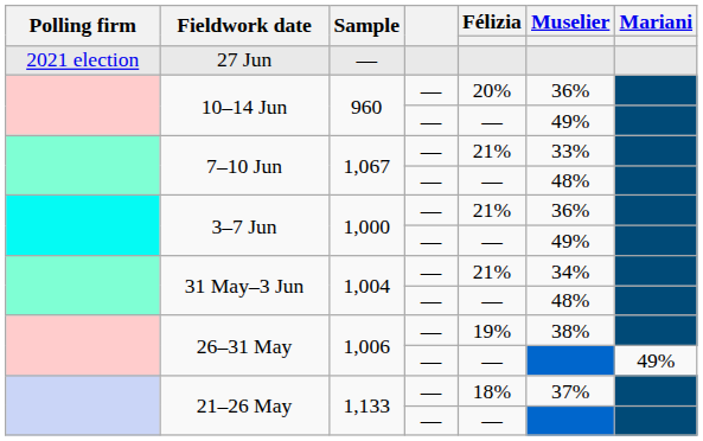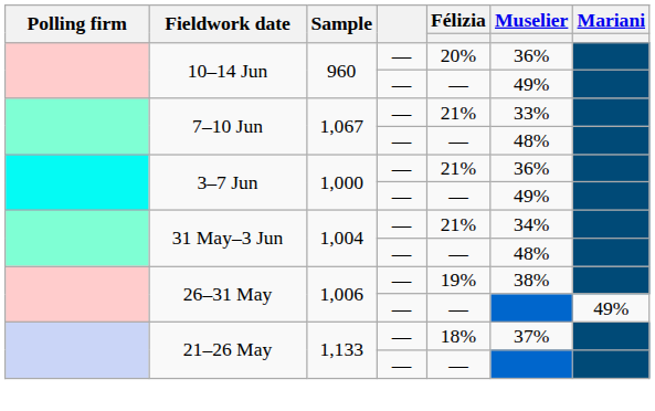 <table class="wikitable" style="text-align:center;font-size:90%;line-height:14px;">
 <tr>
 <th rowspan="2" style="width:100px;">Polling firm</th>
 <th rowspan="2" style="width:110px;">Fieldwork date</th>
 <th rowspan="2" style="width:35px;">Sample</th>
 <th rowspan="2" style="width:30px;"></th>
 <th>Félizia<br></th>
 <th><a href='#'>Muselier</a><br></th>
 <th><a href='#'>Mariani</a><br></th>
 </tr>
 <tr>
 <th style="background:"></th>
 <th style="background:"></th>
 <th style="background:"></th>
-</tr>
-<tr style="background:#E9E9E9;">
-<td><a href='#'>2021 election</a></td>
-<td data-sort-value="2021-06-27">27 Jun</td>
-<td>—</td>
-<td></td>
-<td></td>
-<td></td>
-<td></td>
 </tr>
 <tr>
 <td rowspan=2 style="background:#FFCCCC;"></td>
 <td rowspan=2>10–14 Jun</td>
 <td rowspan=2>960</td>
 <td>—</td>
 <td>20%</td>
 <td>36%</td>
 <td style="background:#004A77;"></td>
 </tr>
 <tr>
 <td>—</td>
 <td>—</td>
 <td>49%</td>
 <td style="background:#004A77;"></td>
 </tr>
 <tr>
 <td rowspan="2" style="background:aquamarine;"></td>
 <td rowspan="2">7–10 Jun</td>
 <td rowspan="2">1,067</td>
 <td>—</td>
 <td>21%</td>
 <td>33%</td>
 <td style="background:#004A77;"></td>
 </tr>
 <tr>
 <td>—</td>
 <td>—</td>
 <td>48%</td>
 <td style="background:#004A77;"></td>
 </tr>
 <tr>
 <td rowspan="2" style="background:#04FBF4;"></td>
 <td rowspan="2">3–7 Jun</td>
 <td rowspan="2">1,000</td>
 <td>—</td>
 <td>21%</td>
 <td>36%</td>
 <td style="background:#004A77;"></td>
 </tr>
 <tr>
 <td>—</td>
 <td>—</td>
 <td>49%</td>
 <td style="background:#004A77;"></td>
 </tr>
 <tr>
 <td rowspan="2" style="background:aquamarine;"></td>
 <td rowspan="2">31 May–3 Jun</td>
 <td rowspan="2">1,004</td>
 <td>—</td>
 <td>21%</td>
 <td>34%</td>
 <td style="background:#004A77;"></td>
 </tr>
 <tr>
 <td>—</td>
 <td>—</td>
 <td>48%</td>
 <td style="background:#004A77;"></td>
 </tr>
 <tr>
 <td rowspan="2" style="background:#FFCCCC;"></td>
 <td rowspan="2">26–31 May</td>
 <td rowspan="2">1,006</td>
 <td>—</td>
 <td>19%</td>
 <td>38%</td>
 <td style="background:#004A77;"></td>
 </tr>
 <tr>
 <td>—</td>
 <td>—</td>
 <td style="background:#0066CC;"></td>
 <td>49%</td>
 </tr>
 <tr>
 <td rowspan=2 style="background:#CAD5F7;"></td>
 <td rowspan=2 data-sort-value="2021-05-26">21–26 May</td>
 <td rowspan=2>1,133</td>
 <td>—</td>
 <td>18%</td>
 <td>37%</td>
 <td style="background:#004A77;"></td>
 </tr>
 <tr>
 <td>—</td>
 <td>—</td>
 <td style="background:#0066CC;"></td>
 <td style="background:#004A77;"></td>
 </tr>
 </table>
